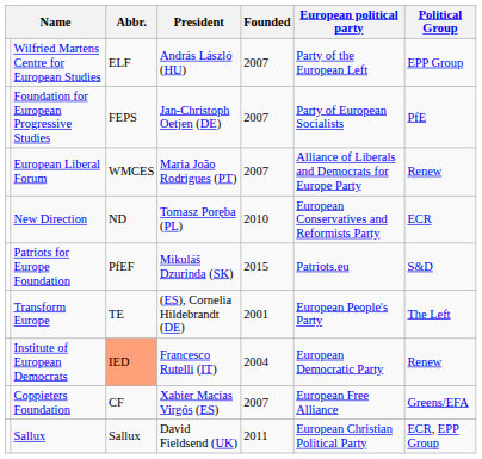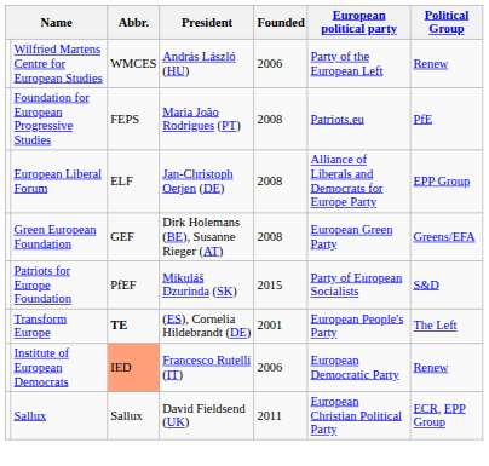 <table class="wikitable centre sortable">
 <tr>
 <th colspan="2">Name</th>
 <th>Abbr.</th>
 <th>President</th>
 <th>Founded</th>
 <th><a href='#'>European political party</a></th>
 <th><a href='#'>Political Group</a></th>
 </tr>
 <tr>
 <td></td>
 <td><a href='#'>Wilfried Martens Centre for European Studies</a></td>
-<td>ELF</td>
+<td>WMCES</td>
 <td><a href='#'>András László</a> (<a href='#'>HU</a>)</td>
-<td>2007</td>
+<td>2006</td>
 <td><a href='#'>Party of the European Left</a></td>
-<td><a href='#'>EPP Group</a></td>
+<td><a href='#'>Renew</a></td>
 </tr>
 <tr>
 <td></td>
 <td><a href='#'>Foundation for European Progressive Studies</a></td>
 <td>FEPS</td>
-<td><a href='#'>Jan-Christoph Oetjen</a> (<a href='#'>DE</a>)</td>
-<td>2007</td>
-<td><a href='#'>Party of European Socialists</a></td>
+<td><a href='#'>Maria João Rodrigues</a> (<a href='#'>PT</a>)</td>
+<td>2008</td>
+<td><a href='#'>Patriots.eu</a></td>
 <td><a href='#'>PfE</a></td>
 </tr>
 <tr>
 <td></td>
 <td><a href='#'>European Liberal Forum</a></td>
-<td>WMCES</td>
-<td><a href='#'>Maria João Rodrigues</a> (<a href='#'>PT</a>)</td>
-<td>2007</td>
+<td>ELF</td>
+<td><a href='#'>Jan-Christoph Oetjen</a> (<a href='#'>DE</a>)</td>
+<td>2008</td>
 <td><a href='#'>Alliance of Liberals and Democrats for Europe Party</a></td>
-<td><a href='#'>Renew</a></td>
+<td><a href='#'>EPP Group</a></td>
 </tr>
 <tr>
 <td></td>
-<td><a href='#'>New Direction</a></td>
-<td>ND</td>
-<td><a href='#'>Tomasz Poręba</a> (<a href='#'>PL</a>)</td>
-<td>2010</td>
-<td><a href='#'>European Conservatives and Reformists Party</a></td>
-<td><a href='#'>ECR</a></td>
+<td><a href='#'>Green European Foundation</a></td>
+<td>GEF</td>
+<td>Dirk Holemans (<a href='#'>BE</a>), Susanne Rieger (<a href='#'>AT</a>)</td>
+<td>2008</td>
+<td><a href='#'>European Green Party</a></td>
+<td><a href='#'>Greens/EFA</a></td>
 </tr>
 <tr>
 <td></td>
 <td><a href='#'>Patriots for Europe Foundation</a></td>
 <td>PfEF</td>
 <td><a href='#'>Mikuláš Dzurinda</a> (<a href='#'>SK</a>)</td>
 <td>2015</td>
-<td><a href='#'>Patriots.eu</a></td>
+<td><a href='#'>Party of European Socialists</a></td>
 <td><a href='#'>S&D</a></td>
 </tr>
 <tr>
 <td></td>
 <td><a href='#'>Transform Europe</a></td>
-<td>TE</td>
+<td><strong>TE</strong></td>
 <td> (<a href='#'>ES</a>), Cornelia Hildebrandt (<a href='#'>DE</a>)</td>
 <td>2001</td>
 <td><a href='#'>European People's Party</a></td>
 <td><a href='#'>The Left</a></td>
 </tr>
 <tr>
 <td></td>
 <td><a href='#'>Institute of European Democrats</a></td>
 <td style="background: lightsalmon;">IED</td>
 <td><a href='#'>Francesco Rutelli</a> (<a href='#'>IT</a>)</td>
-<td>2004</td>
+<td>2006</td>
 <td><a href='#'>European Democratic Party</a></td>
 <td><a href='#'>Renew</a></td>
-</tr>
-<tr>
-<td></td>
-<td><a href='#'>Coppieters Foundation</a></td>
-<td>CF</td>
-<td><a href='#'>Xabier Macias Virgós</a> (<a href='#'>ES</a>)</td>
-<td>2007</td>
-<td><a href='#'>European Free Alliance</a></td>
-<td><a href='#'>Greens/EFA</a></td>
 </tr>
 <tr>
 <td></td>
 <td><a href='#'>Sallux</a></td>
 <td>Sallux</td>
 <td>David Fieldsend (<a href='#'>UK</a>)</td>
 <td>2011</td>
 <td><a href='#'>European Christian Political Party</a></td>
 <td><a href='#'>ECR</a>, <a href='#'>EPP Group</a></td>
 </tr>
 </table>
